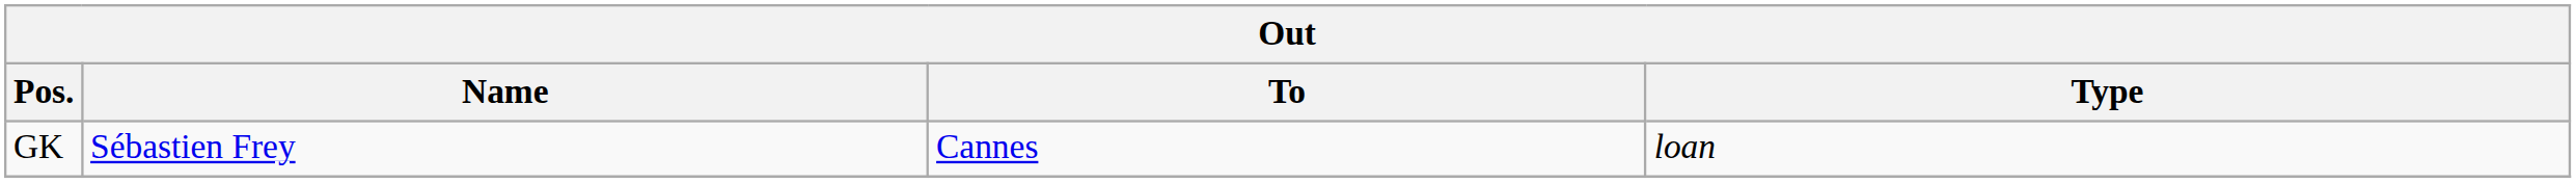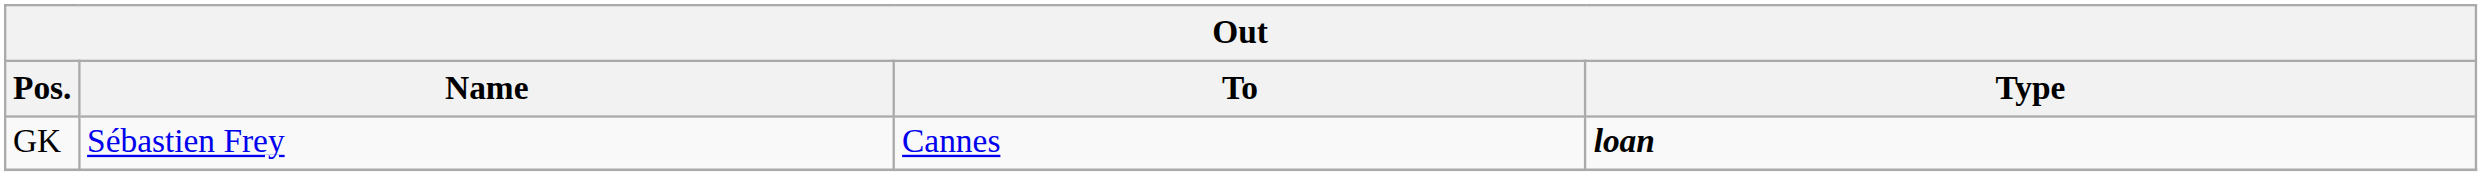 <table class="wikitable" style="font-size:90%;">
 <tr>
 <th colspan="4">Out</th>
 </tr>
 <tr>
 <th width=3%>Pos.</th>
 <th width=33%>Name</th>
 <th width=28%>To</th>
 <th width=36%>Type</th>
 </tr>
 <tr>
 <td>GK</td>
 <td><a href='#'>Sébastien Frey</a></td>
 <td><a href='#'>Cannes</a></td>
-<td><em>loan</em></td>
+<td><strong><em>loan</em></strong></td>
 </tr>
 <tr>
 </tr>
 </table>
